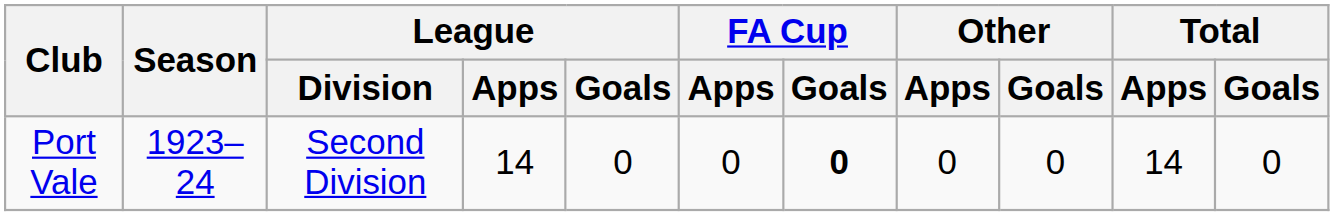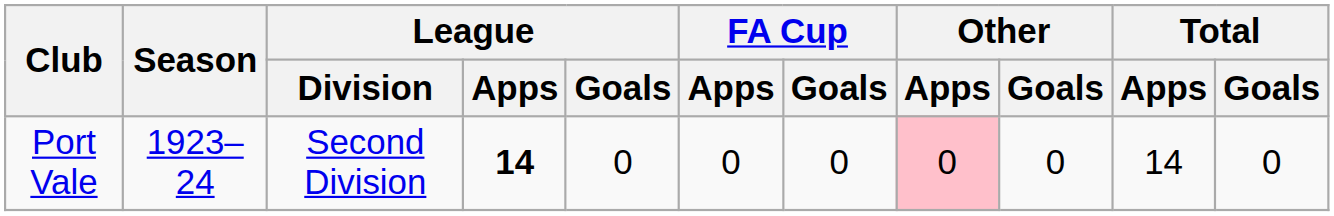 <table class="wikitable" style="text-align:center">
 <tr>
 <th rowspan="2">Club</th>
 <th rowspan="2">Season</th>
 <th colspan="3">League</th>
 <th colspan="2"><a href='#'>FA Cup</a></th>
 <th colspan="2">Other</th>
 <th colspan="2">Total</th>
 </tr>
 <tr>
 <th>Division</th>
 <th>Apps</th>
 <th>Goals</th>
 <th>Apps</th>
 <th>Goals</th>
 <th>Apps</th>
 <th>Goals</th>
 <th>Apps</th>
 <th>Goals</th>
 </tr>
 <tr>
 <td><a href='#'>Port Vale</a></td>
 <td><a href='#'>1923–24</a></td>
 <td><a href='#'>Second Division</a></td>
-<td>14</td>
+<td><strong>14</strong></td>
 <td>0</td>
 <td>0</td>
-<td><strong>0</strong></td>
 <td>0</td>
+<td style="background: pink;">0</td>
 <td>0</td>
 <td>14</td>
 <td>0</td>
 </tr>
 </table>
